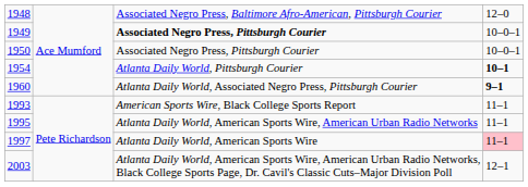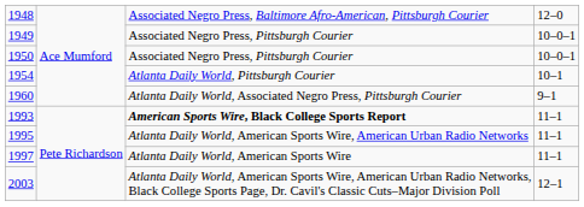 <table class="wikitable">
 <tr>
 <td><a href='#'>1948</a></td>
 <td rowspan="5"><a href='#'>Ace Mumford</a></td>
 <td><a href='#'>Associated Negro Press</a>, <em><a href='#'>Baltimore Afro-American</a></em>, <em><a href='#'>Pittsburgh Courier</a></em></td>
 <td>12–0</td>
 </tr>
 <tr>
 <td><a href='#'>1949</a></td>
-<td><strong>Associated Negro Press, <em>Pittsburgh Courier</em></strong></td>
+<td>Associated Negro Press, <em>Pittsburgh Courier</em></td>
 <td>10–0–1</td>
 </tr>
 <tr>
 <td><a href='#'>1950</a></td>
 <td>Associated Negro Press, <em>Pittsburgh Courier</em></td>
 <td>10–0–1</td>
 </tr>
 <tr>
 <td><a href='#'>1954</a></td>
 <td><em><a href='#'>Atlanta Daily World</a></em>, <em>Pittsburgh Courier</em></td>
-<td><strong>10–1</strong></td>
+<td>10–1</td>
 </tr>
 <tr>
 <td><a href='#'>1960</a></td>
 <td><em>Atlanta Daily World</em>, Associated Negro Press, <em>Pittsburgh Courier</em></td>
-<td><strong>9–1</strong></td>
+<td>9–1</td>
 </tr>
 <tr>
 <td><a href='#'>1993</a></td>
 <td rowspan="4"><a href='#'>Pete Richardson</a></td>
-<td><em>American Sports Wire</em>, Black College Sports Report</td>
+<td><strong><em>American Sports Wire</em>, Black College Sports Report</strong></td>
 <td>11–1</td>
 </tr>
 <tr>
 <td><a href='#'>1995</a></td>
 <td><em>Atlanta Daily World</em>, American Sports Wire, <a href='#'>American Urban Radio Networks</a></td>
 <td>11–1</td>
 </tr>
 <tr>
 <td><a href='#'>1997</a></td>
 <td><em>Atlanta Daily World</em>, American Sports Wire</td>
-<td style="background: pink;">11–1</td>
+<td>11–1</td>
 </tr>
 <tr>
 <td><a href='#'>2003</a></td>
 <td><em>Atlanta Daily World</em>, American Sports Wire, American Urban Radio Networks, <br>Black College Sports Page, Dr. Cavil's Classic Cuts–Major Division Poll</td>
 <td>12–1</td>
 </tr>
 </table>
